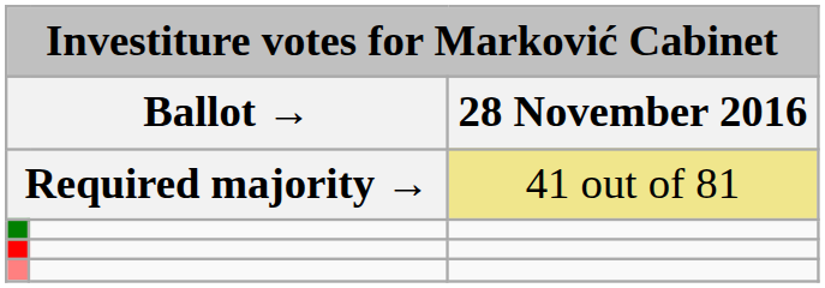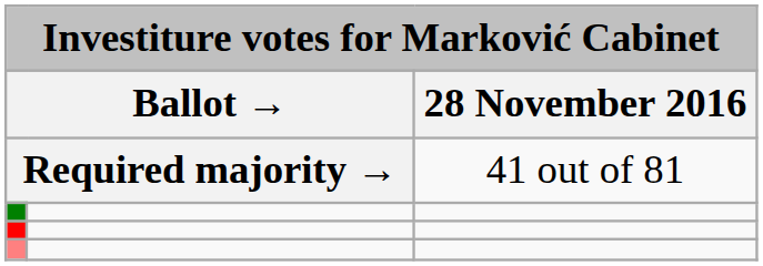 <table class="wikitable" style="text-align:center; font-size:98%;">
 <tr>
 <td colspan="3" align="center" bgcolor="#C0C0C0"><strong>Investiture votes for Marković Cabinet</strong></td>
 </tr>
 <tr>
 <th colspan="2" style="width:150px;">Ballot →</th>
 <th>28 November 2016</th>
 </tr>
 <tr>
 <th colspan="2">Required majority →</th>
-<td style="background: khaki;">41 out of 81</td>
+<td>41 out of 81</td>
 </tr>
 <tr>
 <th style="width:1px; background:green;"></th>
 <td style="text-align:left;"></td>
 <td></td>
 </tr>
 <tr>
 <th style="background:red;"></th>
 <td style="text-align:left;"></td>
 <td></td>
 </tr>
 <tr>
 <th style="background:#ff8080;"></th>
 <td style="text-align:left;"></td>
 <td></td>
 </tr>
 </table>
